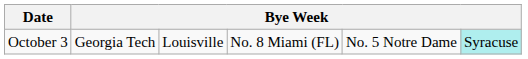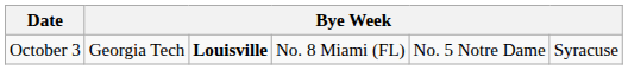 <table class="wikitable" style="font-size:95%;">
 <tr>
 <th>Date</th>
 <th colspan="7">Bye Week</th>
 </tr>
 <tr>
 <td>October 3</td>
 <td>Georgia Tech</td>
-<td>Louisville</td>
+<td><strong>Louisville</strong></td>
 <td>No. 8 Miami (FL)</td>
 <td>No. 5 Notre Dame</td>
-<td style="background: paleturquoise;">Syracuse</td>
+<td>Syracuse</td>
 </tr>
 </table>
